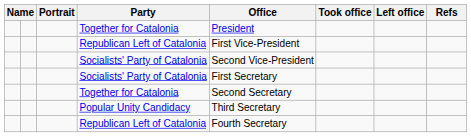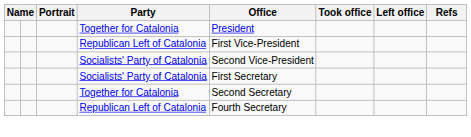 <table class="wikitable plainrowheaders sortable mw-collapsible mw-collapsed" style="font-size:90%; text-align:left;">
 <tr>
 <th scope=col colspan="2">Name</th>
 <th scope=col class=unsortable>Portrait</th>
 <th scope=col>Party</th>
 <th scope=col>Office</th>
 <th scope=col>Took office</th>
 <th scope=col>Left office</th>
 <th scope=col width=50px class=unsortable>Refs</th>
 </tr>
 <tr>
 <td !align="center" style="background:"></td>
 <td></td>
 <td align=center></td>
 <td><a href='#'>Together for Catalonia</a></td>
 <td><a href='#'>President</a></td>
 <td align=center></td>
 <td align=center></td>
 <td align=center></td>
 </tr>
 <tr>
 <td !align="center" style="background:"></td>
 <td></td>
 <td align=center></td>
 <td><a href='#'>Republican Left of Catalonia</a></td>
 <td>First Vice-President</td>
 <td align=center></td>
 <td align=center></td>
 <td align=center></td>
 </tr>
 <tr>
 <td !align="center" style="background:"></td>
 <td></td>
 <td align=center></td>
 <td><a href='#'>Socialists' Party of Catalonia</a></td>
 <td>Second Vice-President</td>
 <td align=center></td>
 <td align=center></td>
 <td align=center></td>
 </tr>
 <tr>
 <td !align="center" style="background:"></td>
 <td></td>
 <td align=center></td>
 <td><a href='#'>Socialists' Party of Catalonia</a></td>
 <td>First Secretary</td>
 <td align=center></td>
 <td align=center></td>
 <td align=center></td>
 </tr>
 <tr>
 <td !align="center" style="background:"></td>
 <td></td>
 <td align=center></td>
 <td><a href='#'>Together for Catalonia</a></td>
 <td>Second Secretary</td>
 <td align=center></td>
 <td align=center></td>
 <td align=center></td>
 </tr>
 <tr>
 <td !align="center" style="background:"></td>
 <td></td>
 <td align=center></td>
-<td><a href='#'>Popular Unity Candidacy</a></td>
-<td>Third Secretary</td>
-<td align=center></td>
-<td align=center></td>
-<td align=center></td>
-</tr>
-<tr>
-<td !align="center" style="background:"></td>
-<td></td>
-<td align=center></td>
 <td><a href='#'>Republican Left of Catalonia</a></td>
 <td>Fourth Secretary</td>
 <td align=center></td>
 <td align=center></td>
 <td align=center></td>
 </tr>
 </table>
